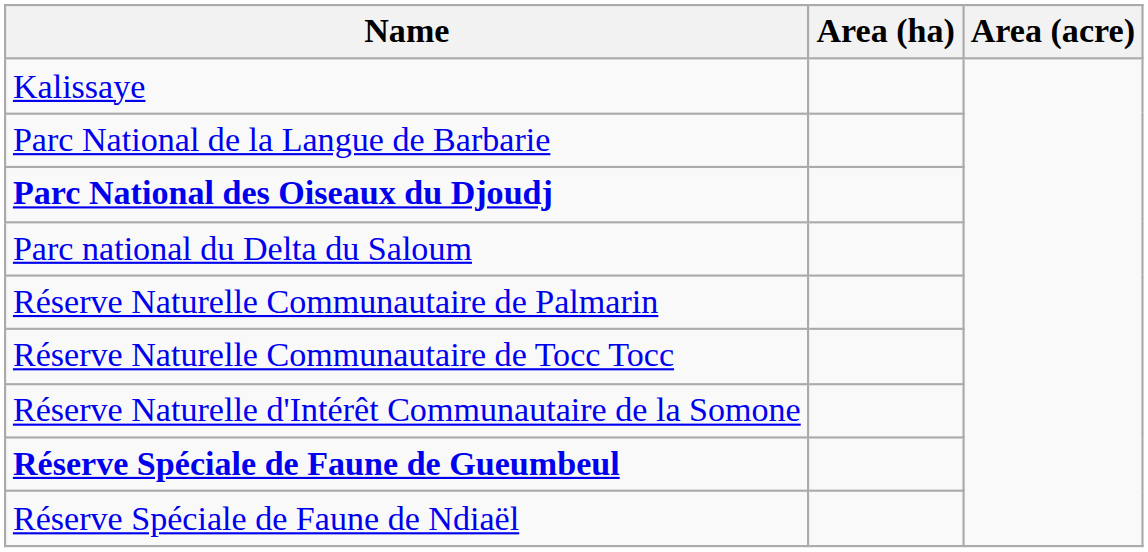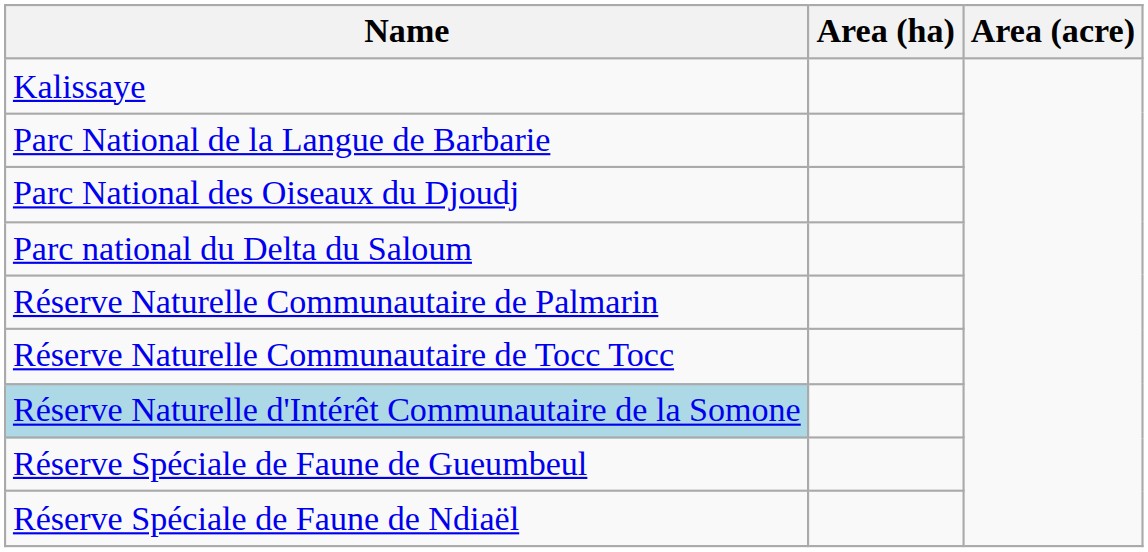 <table class="wikitable sortable">
 <tr>
 <th scope="col" align=left>Name</th>
 <th scope="col">Area (ha)</th>
 <th scope="col">Area (acre)</th>
 </tr>
 <tr ---->
 <td><a href='#'>Kalissaye</a></td>
 <td></td>
 </tr>
 <tr ---->
 <td><a href='#'>Parc National de la Langue de Barbarie</a></td>
 <td></td>
 </tr>
 <tr ---->
-<td><strong><a href='#'>Parc National des Oiseaux du Djoudj</a></strong></td>
+<td><a href='#'>Parc National des Oiseaux du Djoudj</a></td>
 <td></td>
 </tr>
 <tr ---->
 <td><a href='#'>Parc national du Delta du Saloum</a></td>
 <td></td>
 </tr>
 <tr ---->
 <td><a href='#'>Réserve Naturelle Communautaire de Palmarin</a></td>
 <td></td>
 </tr>
 <tr ---->
 <td><a href='#'>Réserve Naturelle Communautaire de Tocc Tocc</a></td>
 <td></td>
 </tr>
 <tr ---->
-<td><a href='#'>Réserve Naturelle d'Intérêt Communautaire de la Somone</a></td>
+<td style="background: lightblue;"><a href='#'>Réserve Naturelle d'Intérêt Communautaire de la Somone</a></td>
 <td></td>
 </tr>
 <tr ---->
-<td><strong><a href='#'>Réserve Spéciale de Faune de Gueumbeul</a></strong></td>
+<td><a href='#'>Réserve Spéciale de Faune de Gueumbeul</a></td>
 <td></td>
 </tr>
 <tr ---->
 <td><a href='#'>Réserve Spéciale de Faune de Ndiaël</a></td>
 <td></td>
 </tr>
 </table>
